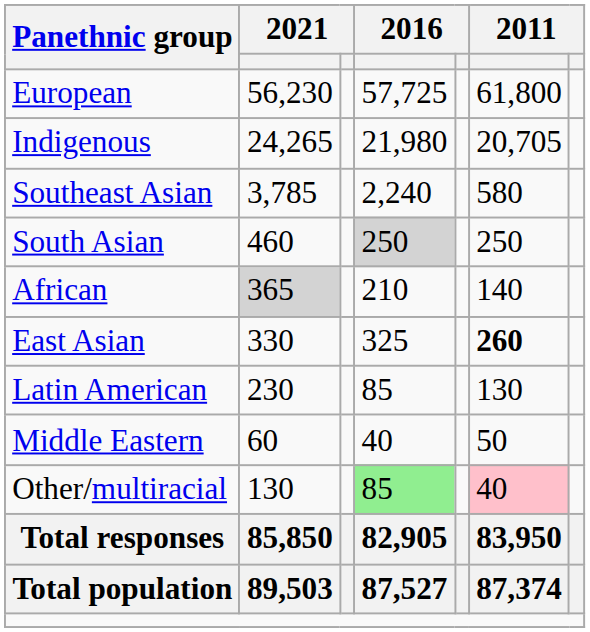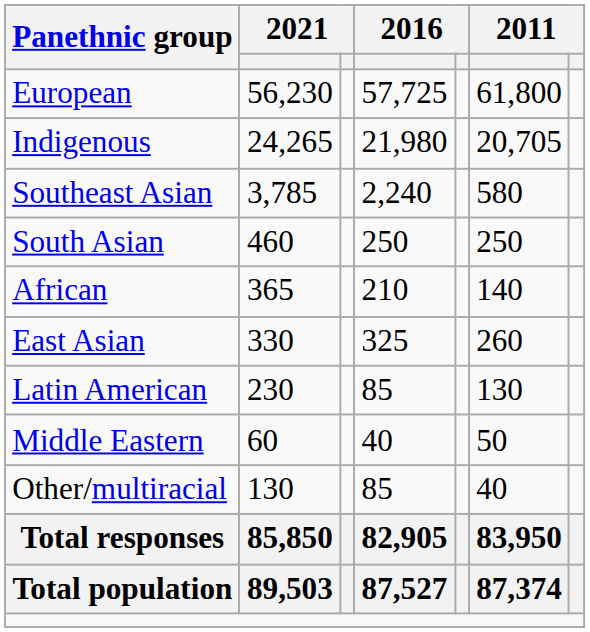 <table class="wikitable collapsible sortable">
 <tr>
 <th rowspan="2"><a href='#'>Panethnic</a> group</th>
 <th colspan="2">2021</th>
 <th colspan="2">2016</th>
 <th colspan="2">2011</th>
 </tr>
 <tr>
 <th><a href='#'></a></th>
 <th></th>
 <th></th>
 <th></th>
 <th></th>
 <th></th>
 </tr>
 <tr>
 <td><a href='#'>European</a></td>
 <td>56,230</td>
 <td></td>
 <td>57,725</td>
 <td></td>
 <td>61,800</td>
 <td></td>
 </tr>
 <tr>
 <td><a href='#'>Indigenous</a></td>
 <td>24,265</td>
 <td></td>
 <td>21,980</td>
 <td></td>
 <td>20,705</td>
 <td></td>
 </tr>
 <tr>
 <td><a href='#'>Southeast Asian</a></td>
 <td>3,785</td>
 <td></td>
 <td>2,240</td>
 <td></td>
 <td>580</td>
 <td></td>
 </tr>
 <tr>
 <td><a href='#'>South Asian</a></td>
 <td>460</td>
 <td></td>
-<td style="background: lightgrey;">250</td>
+<td>250</td>
 <td></td>
 <td>250</td>
 <td></td>
 </tr>
 <tr>
 <td><a href='#'>African</a></td>
-<td style="background: lightgrey;">365</td>
+<td>365</td>
 <td></td>
 <td>210</td>
 <td></td>
 <td>140</td>
 <td></td>
 </tr>
 <tr>
 <td><a href='#'>East Asian</a></td>
 <td>330</td>
 <td></td>
 <td>325</td>
 <td></td>
-<td><strong>260</strong></td>
+<td>260</td>
 <td></td>
 </tr>
 <tr>
 <td><a href='#'>Latin American</a></td>
 <td>230</td>
 <td></td>
 <td>85</td>
 <td></td>
 <td>130</td>
 <td></td>
 </tr>
 <tr>
 <td><a href='#'>Middle Eastern</a></td>
 <td>60</td>
 <td></td>
 <td>40</td>
 <td></td>
 <td>50</td>
 <td></td>
 </tr>
 <tr>
 <td>Other/<a href='#'>multiracial</a></td>
 <td>130</td>
 <td></td>
-<td style="background: lightgreen;">85</td>
+<td>85</td>
 <td></td>
-<td style="background: pink;">40</td>
+<td>40</td>
 <td></td>
 </tr>
 <tr>
 <th>Total responses</th>
 <th>85,850</th>
 <th></th>
 <th>82,905</th>
 <th></th>
 <th>83,950</th>
 <th></th>
 </tr>
 <tr class="sortbottom">
 <th>Total population</th>
 <th>89,503</th>
 <th></th>
 <th>87,527</th>
 <th></th>
 <th>87,374</th>
 <th></th>
 </tr>
 <tr class="sortbottom">
 <td colspan="15"></td>
 </tr>
 </table>
